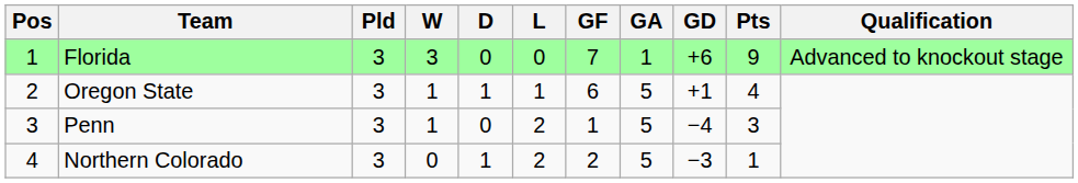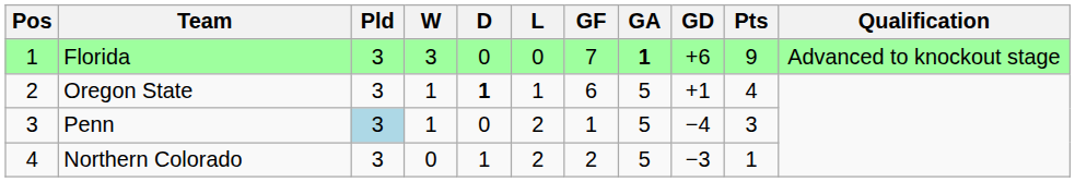 <table class="wikitable" style="text-align:center; margin: 1em auto">
 <tr>
 <th style="width:2em">Pos</th>
 <th style="width:13em">Team</th>
 <th style="width:2em">Pld</th>
 <th style="width:2em">W</th>
 <th style="width:2em">D</th>
 <th style="width:2em">L</th>
 <th style="width:2em">GF</th>
 <th style="width:2em">GA</th>
 <th style="width:2em">GD</th>
 <th style="width:2em">Pts</th>
 <th style="width:13em">Qualification</th>
 </tr>
 <tr bgcolor="#9eff9e">
 <td>1</td>
 <td style="text-align:left">Florida</td>
 <td>3</td>
 <td>3</td>
 <td>0</td>
 <td>0</td>
 <td>7</td>
-<td>1</td>
+<td><strong>1</strong></td>
 <td>+6</td>
 <td>9</td>
 <td>Advanced to knockout stage</td>
 </tr>
 <tr>
 <td>2</td>
 <td style="text-align:left">Oregon State</td>
 <td>3</td>
 <td>1</td>
-<td>1</td>
+<td><strong>1</strong></td>
 <td>1</td>
 <td>6</td>
 <td>5</td>
 <td>+1</td>
 <td>4</td>
 <td rowspan="3"></td>
 </tr>
 <tr>
 <td>3</td>
 <td style="text-align:left">Penn</td>
-<td>3</td>
+<td style="background: lightblue;">3</td>
 <td>1</td>
 <td>0</td>
 <td>2</td>
 <td>1</td>
 <td>5</td>
 <td>−4</td>
 <td>3</td>
 </tr>
 <tr>
 <td>4</td>
 <td style="text-align:left">Northern Colorado</td>
 <td>3</td>
 <td>0</td>
 <td>1</td>
 <td>2</td>
 <td>2</td>
 <td>5</td>
 <td>−3</td>
 <td>1</td>
 </tr>
 </table>
